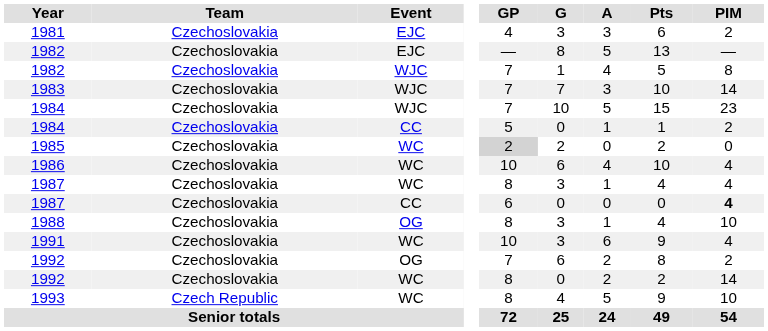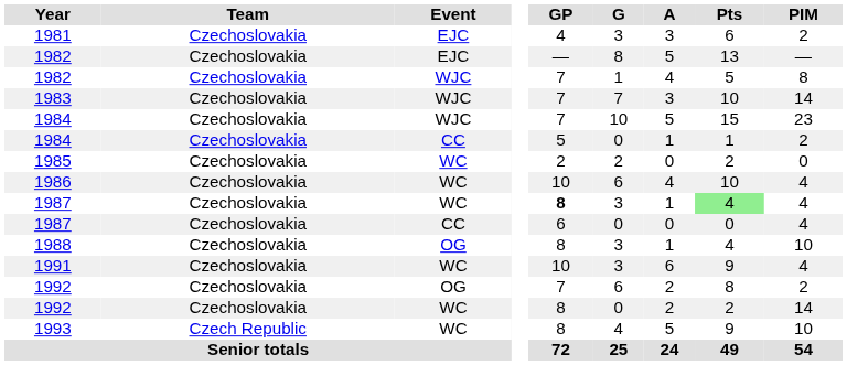 <table border="0" cellpadding="1" cellspacing="0" style="text-align:center; width:50em">
 <tr ALIGN="center" bgcolor="#e0e0e0">
 <th>Year</th>
 <th>Team</th>
 <th>Event</th>
 <th rowspan="99" bgcolor="#ffffff"> </th>
 <th>GP</th>
 <th>G</th>
 <th>A</th>
 <th>Pts</th>
 <th>PIM</th>
 </tr>
 <tr>
 <td><a href='#'>1981</a></td>
 <td><a href='#'>Czechoslovakia</a></td>
 <td><a href='#'>EJC</a></td>
 <td>4</td>
 <td>3</td>
 <td>3</td>
 <td>6</td>
 <td>2</td>
 </tr>
 <tr bgcolor="#f0f0f0">
 <td><a href='#'>1982</a></td>
 <td>Czechoslovakia</td>
 <td>EJC</td>
 <td>—</td>
 <td>8</td>
 <td>5</td>
 <td>13</td>
 <td>—</td>
 </tr>
 <tr>
 <td><a href='#'>1982</a></td>
 <td><a href='#'>Czechoslovakia</a></td>
 <td><a href='#'>WJC</a></td>
 <td>7</td>
 <td>1</td>
 <td>4</td>
 <td>5</td>
 <td>8</td>
 </tr>
 <tr bgcolor="#f0f0f0">
 <td><a href='#'>1983</a></td>
 <td>Czechoslovakia</td>
 <td>WJC</td>
 <td>7</td>
 <td>7</td>
 <td>3</td>
 <td>10</td>
 <td>14</td>
 </tr>
 <tr>
 <td><a href='#'>1984</a></td>
 <td>Czechoslovakia</td>
 <td>WJC</td>
 <td>7</td>
 <td>10</td>
 <td>5</td>
 <td>15</td>
 <td>23</td>
 </tr>
 <tr bgcolor="#f0f0f0">
 <td><a href='#'>1984</a></td>
 <td><a href='#'>Czechoslovakia</a></td>
 <td><a href='#'>CC</a></td>
 <td>5</td>
 <td>0</td>
 <td>1</td>
 <td>1</td>
 <td>2</td>
 </tr>
 <tr>
 <td><a href='#'>1985</a></td>
 <td>Czechoslovakia</td>
 <td><a href='#'>WC</a></td>
-<td style="background: lightgrey;">2</td>
+<td>2</td>
 <td>2</td>
 <td>0</td>
 <td>2</td>
 <td>0</td>
 </tr>
 <tr bgcolor="#f0f0f0">
 <td><a href='#'>1986</a></td>
 <td>Czechoslovakia</td>
 <td>WC</td>
 <td>10</td>
 <td>6</td>
 <td>4</td>
 <td>10</td>
 <td>4</td>
 </tr>
 <tr>
 <td><a href='#'>1987</a></td>
 <td>Czechoslovakia</td>
 <td>WC</td>
-<td>8</td>
+<td><strong>8</strong></td>
 <td>3</td>
 <td>1</td>
-<td>4</td>
+<td style="background: lightgreen;">4</td>
 <td>4</td>
 </tr>
 <tr bgcolor="#f0f0f0">
 <td><a href='#'>1987</a></td>
 <td>Czechoslovakia</td>
 <td>CC</td>
 <td>6</td>
 <td>0</td>
 <td>0</td>
 <td>0</td>
-<td><strong>4</strong></td>
+<td>4</td>
 </tr>
 <tr>
 <td><a href='#'>1988</a></td>
 <td>Czechoslovakia</td>
 <td><a href='#'>OG</a></td>
 <td>8</td>
 <td>3</td>
 <td>1</td>
 <td>4</td>
 <td>10</td>
 </tr>
 <tr bgcolor="#f0f0f0">
 <td><a href='#'>1991</a></td>
 <td>Czechoslovakia</td>
 <td>WC</td>
 <td>10</td>
 <td>3</td>
 <td>6</td>
 <td>9</td>
 <td>4</td>
 </tr>
 <tr>
 <td><a href='#'>1992</a></td>
 <td>Czechoslovakia</td>
 <td>OG</td>
 <td>7</td>
 <td>6</td>
 <td>2</td>
 <td>8</td>
 <td>2</td>
 </tr>
 <tr bgcolor="#f0f0f0">
 <td><a href='#'>1992</a></td>
 <td>Czechoslovakia</td>
 <td>WC</td>
 <td>8</td>
 <td>0</td>
 <td>2</td>
 <td>2</td>
 <td>14</td>
 </tr>
 <tr>
 <td><a href='#'>1993</a></td>
 <td><a href='#'>Czech Republic</a></td>
 <td>WC</td>
 <td>8</td>
 <td>4</td>
 <td>5</td>
 <td>9</td>
 <td>10</td>
 </tr>
 <tr bgcolor="#e0e0e0">
 <th colspan=3>Senior totals</th>
 <th>72</th>
 <th>25</th>
 <th>24</th>
 <th>49</th>
 <th>54</th>
 </tr>
 </table>
